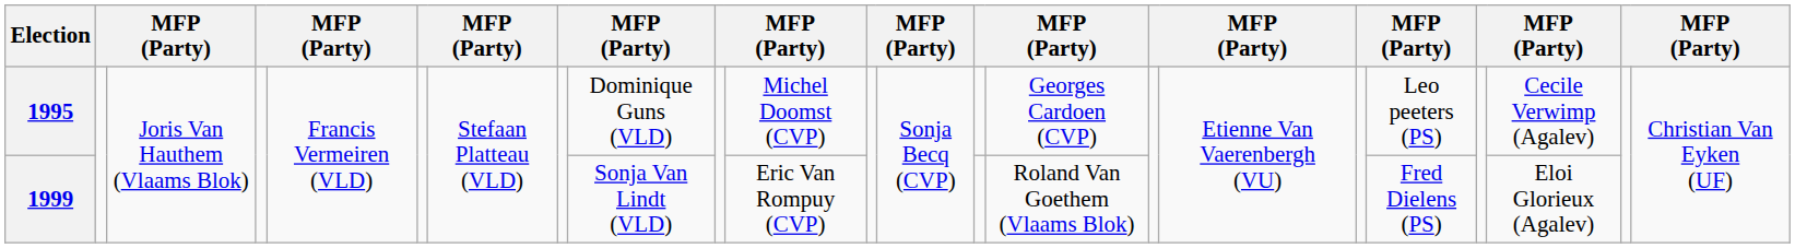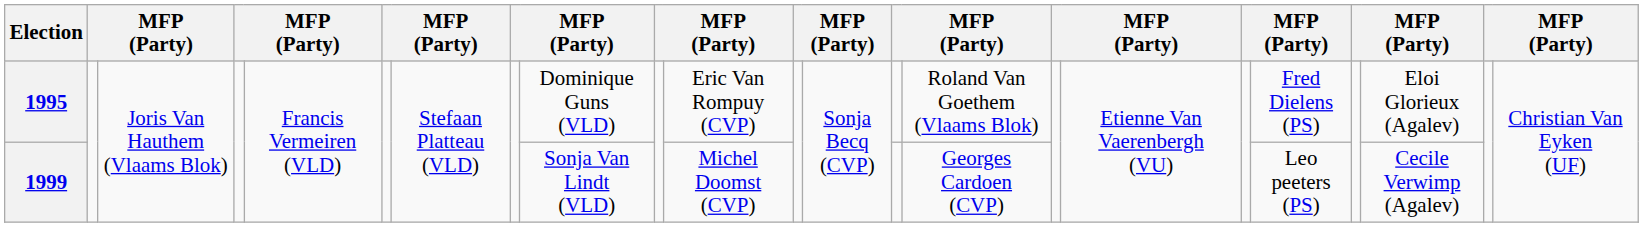 <table class="wikitable" style="text-align:center">
 <tr>
 <th>Election</th>
 <th colspan=2>MFP<br>(Party)</th>
 <th colspan=2>MFP<br>(Party)</th>
 <th colspan=2>MFP<br>(Party)</th>
 <th colspan=2>MFP<br>(Party)</th>
 <th colspan=2>MFP<br>(Party)</th>
 <th colspan=2>MFP<br>(Party)</th>
 <th colspan=2>MFP<br>(Party)</th>
 <th colspan=2>MFP<br>(Party)</th>
 <th colspan=2>MFP<br>(Party)</th>
 <th colspan=2>MFP<br>(Party)</th>
 <th colspan=2>MFP<br>(Party)</th>
 </tr>
 <tr>
 <th><a href='#'>1995</a></th>
 <td rowspan=2; style="background-color: "></td>
 <td rowspan=2><a href='#'>Joris Van Hauthem</a><br>(<a href='#'>Vlaams Blok</a>)</td>
 <td rowspan=2; style="background-color: "></td>
 <td rowspan=2><a href='#'>Francis Vermeiren</a><br>(<a href='#'>VLD</a>)</td>
 <td rowspan=2; style="background-color: "></td>
 <td rowspan=2><a href='#'>Stefaan Platteau</a><br>(<a href='#'>VLD</a>)</td>
 <td rowspan=2; style="background-color: "></td>
 <td>Dominique Guns<br>(<a href='#'>VLD</a>)</td>
 <td rowspan=2; style="background-color: "></td>
-<td><a href='#'>Michel Doomst</a><br>(<a href='#'>CVP</a>)</td>
+<td>Eric Van Rompuy<br>(<a href='#'>CVP</a>)</td>
 <td rowspan=2; style="background-color: "></td>
 <td rowspan=2><a href='#'>Sonja Becq</a><br>(<a href='#'>CVP</a>)</td>
 <td rowspan=1; style="background-color: "></td>
-<td><a href='#'>Georges Cardoen</a><br>(<a href='#'>CVP</a>)</td>
+<td>Roland Van Goethem<br>(<a href='#'>Vlaams Blok</a>)</td>
 <td rowspan=2; style="background-color: "></td>
 <td rowspan=2><a href='#'>Etienne Van Vaerenbergh</a><br>(<a href='#'>VU</a>)</td>
 <td rowspan=2; style="background-color: "></td>
-<td>Leo peeters<br>(<a href='#'>PS</a>)</td>
+<td><a href='#'>Fred Dielens</a><br>(<a href='#'>PS</a>)</td>
 <td rowspan=2; style="background-color: "></td>
-<td><a href='#'>Cecile Verwimp</a><br>(Agalev)</td>
+<td>Eloi Glorieux<br>(Agalev)</td>
 <td rowspan=2; style="background-color: "></td>
 <td rowspan=2><a href='#'>Christian Van Eyken</a><br>(<a href='#'>UF</a>)</td>
 </tr>
 <tr>
 <th><a href='#'>1999</a></th>
 <td><a href='#'>Sonja Van Lindt</a><br>(<a href='#'>VLD</a>)</td>
-<td>Eric Van Rompuy<br>(<a href='#'>CVP</a>)</td>
+<td><a href='#'>Michel Doomst</a><br>(<a href='#'>CVP</a>)</td>
 <td rowspan=1; style="background-color: "></td>
-<td>Roland Van Goethem<br>(<a href='#'>Vlaams Blok</a>)</td>
-<td><a href='#'>Fred Dielens</a><br>(<a href='#'>PS</a>)</td>
-<td>Eloi Glorieux<br>(Agalev)</td>
+<td><a href='#'>Georges Cardoen</a><br>(<a href='#'>CVP</a>)</td>
+<td>Leo peeters<br>(<a href='#'>PS</a>)</td>
+<td><a href='#'>Cecile Verwimp</a><br>(Agalev)</td>
 </tr>
 </table>
